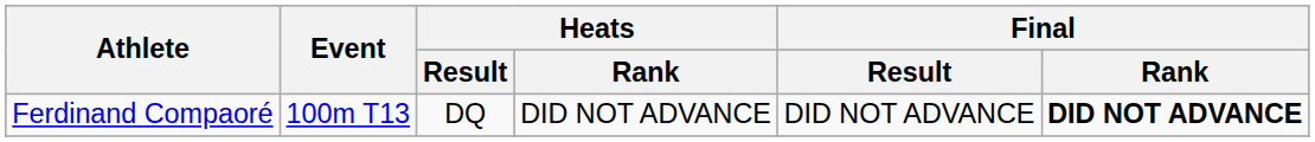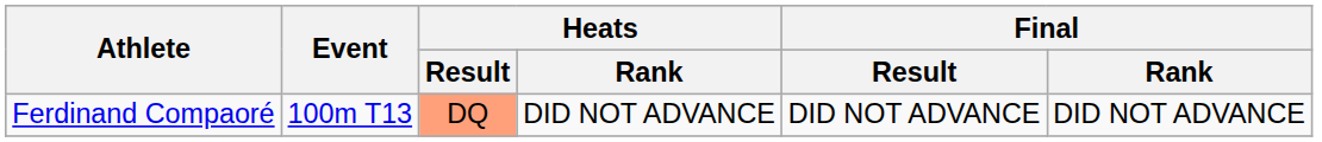 <table class=wikitable style="font-size:90%">
 <tr>
 <th rowspan="2">Athlete</th>
 <th rowspan="2">Event</th>
 <th colspan="2">Heats</th>
 <th colspan="2">Final</th>
 </tr>
 <tr>
 <th>Result</th>
 <th>Rank</th>
 <th>Result</th>
 <th>Rank</th>
 </tr>
 <tr align=center>
 <td align=left><a href='#'>Ferdinand Compaoré</a></td>
 <td align=left><a href='#'>100m T13</a></td>
-<td>DQ</td>
+<td style="background: lightsalmon;">DQ</td>
 <td>DID NOT ADVANCE</td>
 <td>DID NOT ADVANCE</td>
-<td><strong>DID NOT ADVANCE</strong></td>
+<td>DID NOT ADVANCE</td>
 </tr>
 </table>
